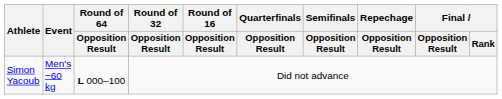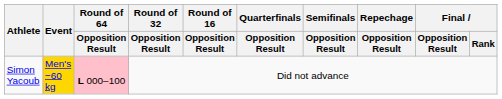 <table class="wikitable" style="font-size:90%">
 <tr>
 <th rowspan=2>Athlete</th>
 <th rowspan=2>Event</th>
 <th>Round of 64</th>
 <th>Round of 32</th>
 <th>Round of 16</th>
 <th>Quarterfinals</th>
 <th>Semifinals</th>
 <th>Repechage</th>
 <th colspan=2>Final / </th>
 </tr>
 <tr style="font-size:95%">
 <th>Opposition<br>Result</th>
 <th>Opposition<br>Result</th>
 <th>Opposition<br>Result</th>
 <th>Opposition<br>Result</th>
 <th>Opposition<br>Result</th>
 <th>Opposition<br>Result</th>
 <th>Opposition<br>Result</th>
 <th>Rank</th>
 </tr>
 <tr align=center>
 <td align=left><a href='#'>Simon Yacoub</a></td>
-<td align=left><a href='#'>Men's −60 kg</a></td>
-<td><br><strong>L</strong> 000–100</td>
+<td align=left style="background: gold;"><a href='#'>Men's −60 kg</a></td>
+<td style="background: pink;"><br><strong>L</strong> 000–100</td>
 <td colspan=7>Did not advance</td>
 </tr>
 </table>
